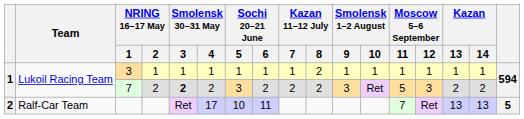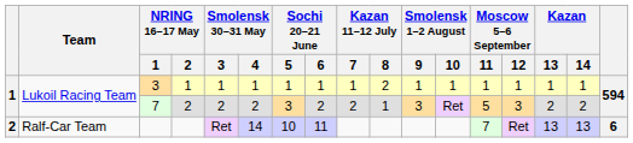 <table align=left| class="wikitable" style="font-size: 85%; text-align: center">
 <tr valign="top">
 <th valign=middle rowspan=2></th>
 <th valign=middle rowspan=2>Team</th>
 <th colspan=2><a href='#'>NRING</a><br><small>16–17 May</small></th>
 <th colspan=2><a href='#'>Smolensk</a><br><small>30–31 May</small></th>
 <th colspan=2><a href='#'>Sochi</a><br><small>20–21 June</small></th>
 <th colspan=2><a href='#'>Kazan</a><br><small>11–12 July</small></th>
 <th colspan=2><a href='#'>Smolensk</a><br><small>1–2 August</small></th>
 <th colspan=2><a href='#'>Moscow</a><br><small>5–6 September</small></th>
 <th colspan=2><a href='#'>Kazan</a><br><small></small></th>
 <th valign=middle rowspan=2>  </th>
 </tr>
 <tr>
 <th width="27">1</th>
 <th width="27">2</th>
 <th width="27">3</th>
 <th width="27">4</th>
 <th width="27">5</th>
 <th width="27">6</th>
 <th width="27">7</th>
 <th width="27">8</th>
 <th width="27">9</th>
 <th width="27">10</th>
 <th width="27">11</th>
 <th width="27">12</th>
 <th width="27">13</th>
 <th width="27">14</th>
 </tr>
 <tr>
 <th rowspan=2>1</th>
 <td rowspan=2 align=left><a href='#'>Lukoil Racing Team</a></td>
 <td style="background:#ffdf9f;">3</td>
 <td style="background:#ffffbf;">1</td>
 <td style="background:#ffffbf;">1</td>
 <td style="background:#ffffbf;">1</td>
 <td style="background:#ffffbf;">1</td>
 <td style="background:#ffffbf;">1</td>
 <td style="background:#ffffbf;">1</td>
 <td style="background:#ffffbf;">2</td>
 <td style="background:#ffffbf;">1</td>
 <td style="background:#ffffbf;">1</td>
 <td style="background:#ffffbf;">1</td>
 <td style="background:#ffffbf;">1</td>
 <td style="background:#ffffbf;">1</td>
 <td style="background:#ffffbf;">1</td>
 <th rowspan=2>594</th>
 </tr>
 <tr>
 <td style="background:#dfffdf;">7</td>
 <td style="background:#dfdfdf;">2</td>
-<td style="background:#dfdfdf;"><strong>2</strong></td>
+<td style="background:#dfdfdf;">2</td>
 <td style="background:#dfdfdf;">2</td>
 <td style="background:#ffdf9f;">3</td>
 <td style="background:#dfdfdf;">2</td>
 <td style="background:#dfdfdf;">2</td>
-<td style="background:#dfdfdf;">2</td>
+<td style="background:#dfdfdf;">1</td>
 <td style="background:#ffdf9f;">3</td>
 <td style="background:#efcfff;">Ret</td>
 <td style="background:#ffdf9f;">5</td>
 <td style="background:#ffdf9f;">3</td>
 <td style="background:#dfdfdf;">2</td>
 <td style="background:#dfdfdf;">2</td>
 </tr>
 <tr>
 <th>2</th>
 <td align=left>Ralf-Car Team</td>
 <td></td>
 <td></td>
 <td style="background:#efcfff;">Ret</td>
-<td style="background:#cfcfff;">17</td>
+<td style="background:#cfcfff;">14</td>
 <td style="background:#cfcfff;">10</td>
 <td style="background:#cfcfff;">11</td>
 <td></td>
 <td></td>
 <td></td>
 <td></td>
 <td style="background:#dfffdf;">7</td>
 <td style="background:#efcfff;">Ret</td>
 <td style="background:#cfcfff;">13</td>
 <td style="background:#cfcfff;">13</td>
-<th>5</th>
+<th>6</th>
 </tr>
 </table>
